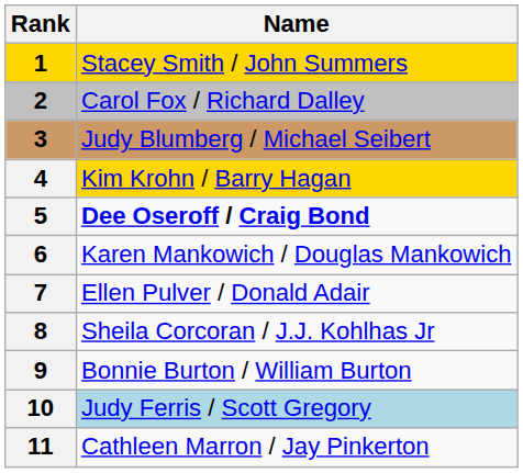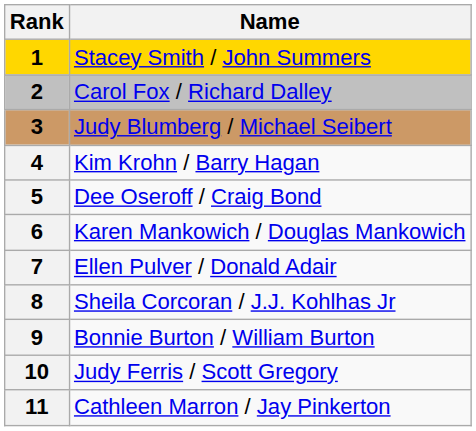 <table class="wikitable">
 <tr>
 <th>Rank</th>
 <th>Name</th>
 </tr>
 <tr bgcolor="gold">
 <td align="center"><strong>1</strong></td>
 <td><a href='#'>Stacey Smith</a> / <a href='#'>John Summers</a></td>
 </tr>
 <tr bgcolor="silver">
 <td align="center"><strong>2</strong></td>
 <td><a href='#'>Carol Fox</a> / <a href='#'>Richard Dalley</a></td>
 </tr>
 <tr bgcolor="cc9966">
 <td align="center"><strong>3</strong></td>
 <td><a href='#'>Judy Blumberg</a> / <a href='#'>Michael Seibert</a></td>
 </tr>
 <tr>
 <th>4</th>
-<td style="background: gold;"><a href='#'>Kim Krohn</a> / <a href='#'>Barry Hagan</a></td>
+<td><a href='#'>Kim Krohn</a> / <a href='#'>Barry Hagan</a></td>
 </tr>
 <tr>
 <th>5</th>
-<td><strong><a href='#'>Dee Oseroff</a> / <a href='#'>Craig Bond</a></strong></td>
+<td><a href='#'>Dee Oseroff</a> / <a href='#'>Craig Bond</a></td>
 </tr>
 <tr>
 <th>6</th>
 <td><a href='#'>Karen Mankowich</a> / <a href='#'>Douglas Mankowich</a></td>
 </tr>
 <tr>
 <th>7</th>
 <td><a href='#'>Ellen Pulver</a> / <a href='#'>Donald Adair</a></td>
 </tr>
 <tr>
 <th>8</th>
 <td><a href='#'>Sheila Corcoran</a> / <a href='#'>J.J. Kohlhas Jr</a></td>
 </tr>
 <tr>
 <th>9</th>
 <td><a href='#'>Bonnie Burton</a> / <a href='#'>William Burton</a></td>
 </tr>
 <tr>
 <th>10</th>
-<td style="background: lightblue;"><a href='#'>Judy Ferris</a> / <a href='#'>Scott Gregory</a></td>
+<td><a href='#'>Judy Ferris</a> / <a href='#'>Scott Gregory</a></td>
 </tr>
 <tr>
 <th>11</th>
 <td><a href='#'>Cathleen Marron</a> / <a href='#'>Jay Pinkerton</a></td>
 </tr>
 </table>
